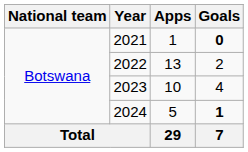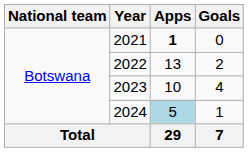 <table class="wikitable" style="text-align:center">
 <tr>
 <th>National team</th>
 <th>Year</th>
 <th>Apps</th>
 <th>Goals</th>
 </tr>
 <tr>
 <td rowspan="4"><a href='#'>Botswana</a></td>
 <td>2021</td>
-<td>1</td>
-<td><strong>0</strong></td>
+<td><strong>1</strong></td>
+<td>0</td>
 </tr>
 <tr>
 <td>2022</td>
 <td>13</td>
 <td>2</td>
 </tr>
 <tr>
 <td>2023</td>
 <td>10</td>
 <td>4</td>
 </tr>
 <tr>
 <td>2024</td>
-<td>5</td>
-<td><strong>1</strong></td>
+<td style="background: lightblue;">5</td>
+<td>1</td>
 </tr>
 <tr>
 <th colspan="2">Total</th>
 <th>29</th>
 <th>7</th>
 </tr>
 </table>
